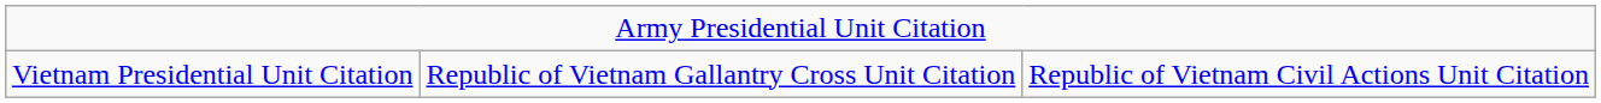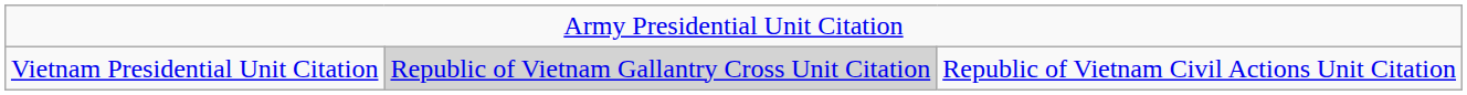 <table class="wikitable" style="margin:1em auto; text-align:center;">
 <tr>
 <td colspan="3"><a href='#'>Army Presidential Unit Citation</a></td>
 </tr>
 <tr>
 <td><a href='#'>Vietnam Presidential Unit Citation</a></td>
-<td><a href='#'>Republic of Vietnam Gallantry Cross Unit Citation</a></td>
+<td style="background: lightgrey;"><a href='#'>Republic of Vietnam Gallantry Cross Unit Citation</a></td>
 <td><a href='#'>Republic of Vietnam Civil Actions Unit Citation</a></td>
 </tr>
 </table>
